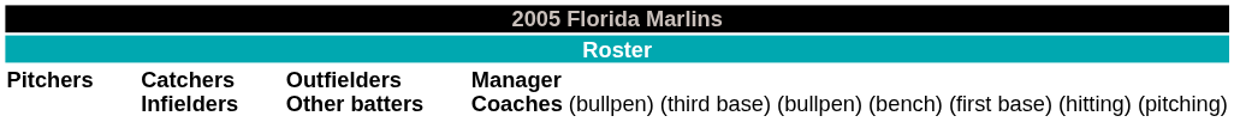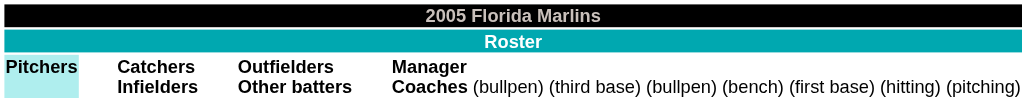 <table class="toccolours" style="font-size: 95%;">
 <tr>
 <th colspan="10" style="background-color: #000000; color: #C9C0BB; text-align: center;">2005 Florida Marlins</th>
 </tr>
 <tr>
 <td colspan="10" style="background-color: #00a8b0; color: white; text-align: center;"><strong>Roster</strong></td>
 </tr>
 <tr>
-<td valign="top"><strong>Pitchers</strong><br>                          </td>
+<td valign="top" style="background: paleturquoise;"><strong>Pitchers</strong><br>                          </td>
 <td width="25px"></td>
 <td valign="top"><strong>Catchers</strong><br>   <strong>Infielders</strong>          </td>
 <td width="25px"></td>
 <td valign="top"><strong>Outfielders</strong><br>      <strong>Other batters</strong> </td>
 <td width="25px"></td>
 <td valign="top"><strong>Manager</strong><br> <strong>Coaches</strong>  (bullpen)  (third base)  (bullpen)  (bench)  (first base)  (hitting)  (pitching)</td>
 </tr>
 <tr>
 </tr>
 </table>
